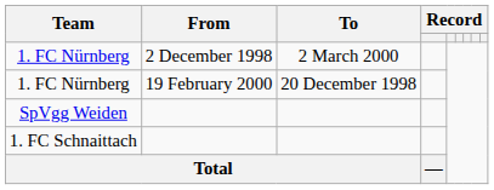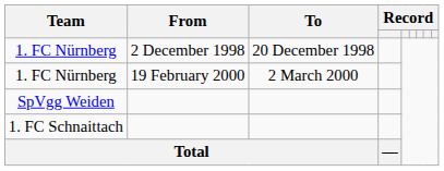 <table class="wikitable" style="text-align: center">
 <tr>
 <th rowspan="2">Team</th>
 <th rowspan="2">From</th>
 <th rowspan="2">To</th>
 <th colspan="6">Record</th>
 </tr>
 <tr>
 <th></th>
 <th></th>
 <th></th>
 <th></th>
 <th></th>
 <th></th>
 </tr>
 <tr>
 <td><a href='#'>1. FC Nürnberg</a></td>
 <td>2 December 1998</td>
-<td>2 March 2000<br></td>
+<td>20 December 1998<br></td>
 <td></td>
 </tr>
 <tr>
 <td>1. FC Nürnberg</td>
 <td>19 February 2000</td>
-<td>20 December 1998<br></td>
+<td>2 March 2000<br></td>
 <td></td>
 </tr>
 <tr>
 <td><a href='#'>SpVgg Weiden</a></td>
 <td></td>
 <td><br></td>
 <td></td>
 </tr>
 <tr>
 <td>1. FC Schnaittach</td>
 <td></td>
 <td><br></td>
 <td></td>
 </tr>
 <tr>
 <th colspan="3">Total<br></th>
 <th>—</th>
 </tr>
 </table>
